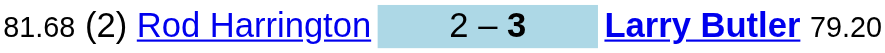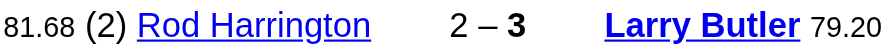 <table style="text-align:center">
 <tr>
 <th width=223></th>
 <th width=100></th>
 <th width=223></th>
 </tr>
 <tr>
 <td align=right><small>81.68</small> (2) <a href='#'>Rod Harrington</a> </td>
-<td style="background: lightblue;">2 – <strong>3</strong></td>
+<td>2 – <strong>3</strong></td>
 <td align=left> <strong><a href='#'>Larry Butler</a></strong> <small>79.20</small></td>
 </tr>
 </table>
